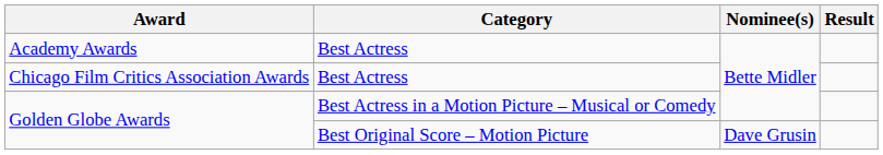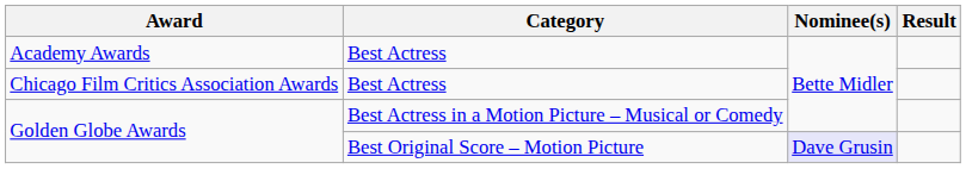 <table class="wikitable">
 <tr>
 <th>Award</th>
 <th>Category</th>
 <th>Nominee(s)</th>
 <th>Result</th>
 </tr>
 <tr>
 <td><a href='#'>Academy Awards</a></td>
 <td><a href='#'>Best Actress</a></td>
 <td rowspan="3"><a href='#'>Bette Midler</a></td>
 <td></td>
 </tr>
 <tr>
 <td><a href='#'>Chicago Film Critics Association Awards</a></td>
 <td><a href='#'>Best Actress</a></td>
 <td></td>
 </tr>
 <tr>
 <td rowspan="2"><a href='#'>Golden Globe Awards</a></td>
 <td><a href='#'>Best Actress in a Motion Picture – Musical or Comedy</a></td>
 <td></td>
 </tr>
 <tr>
 <td><a href='#'>Best Original Score – Motion Picture</a></td>
-<td><a href='#'>Dave Grusin</a></td>
+<td style="background: lavender;"><a href='#'>Dave Grusin</a></td>
 <td></td>
 </tr>
 </table>
